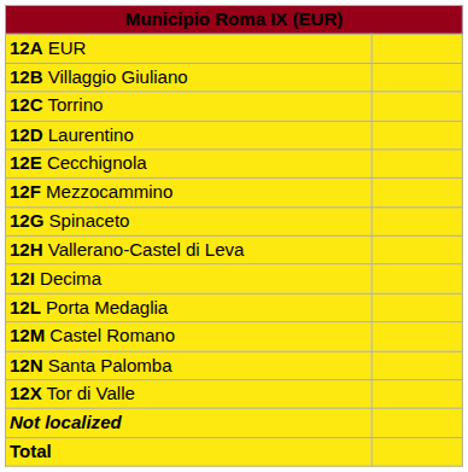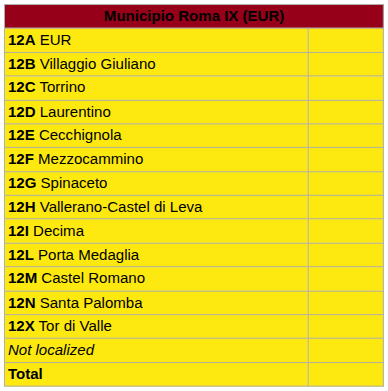 <table class="wikitable" width="32%" border=2>
 <tr>
 <td colspan="2" font size=2 align="center" bgcolor="#960018"><strong><span>Municipio Roma IX (EUR)</span></strong></td>
 </tr>
 <tr align="left" bgcolor="#FDE910">
 <td width="80%"><strong>12A</strong> EUR</td>
 <td width="20%" align="right"></td>
 </tr>
 <tr align="left" bgcolor="#FDE910">
 <td width="80%"><strong>12B</strong> Villaggio Giuliano</td>
 <td width="20%" align="right"></td>
 </tr>
 <tr align="left" bgcolor="#FDE910">
 <td width="80%"><strong>12C</strong> Torrino</td>
 <td width="20%" align="right"></td>
 </tr>
 <tr align="left" bgcolor="#FDE910">
 <td width="80%"><strong>12D</strong> Laurentino</td>
 <td width="20%" align="right"></td>
 </tr>
 <tr align="left" bgcolor="#FDE910">
 <td width="80%"><strong>12E</strong> Cecchignola</td>
 <td width="20%" align="right"></td>
 </tr>
 <tr align="left" bgcolor="#FDE910">
 <td width="80%"><strong>12F</strong> Mezzocammino</td>
 <td width="20%" align="right"></td>
 </tr>
 <tr align="left" bgcolor="#FDE910">
 <td width="80%"><strong>12G</strong> Spinaceto</td>
 <td width="20%" align="right"></td>
 </tr>
 <tr align="left" bgcolor="#FDE910">
 <td width="80%"><strong>12H</strong> Vallerano-Castel di Leva</td>
 <td width="20%" align="right"></td>
 </tr>
 <tr align="left" bgcolor="#FDE910">
 <td width="80%"><strong>12I</strong> Decima</td>
 <td width="20%" align="right"></td>
 </tr>
 <tr align="left" bgcolor="#FDE910">
 <td width="80%"><strong>12L</strong> Porta Medaglia</td>
 <td width="20%" align="right"></td>
 </tr>
 <tr align="left" bgcolor="#FDE910">
 <td width="80%"><strong>12M</strong> Castel Romano</td>
 <td width="20%" align="right"></td>
 </tr>
 <tr align="left" bgcolor="#FDE910">
 <td width="80%"><strong>12N</strong> Santa Palomba</td>
 <td width="20%" align="right"></td>
 </tr>
 <tr align="left" bgcolor="#FDE910">
 <td width="80%"><strong>12X</strong> Tor di Valle</td>
 <td width="20%" align="right"></td>
 </tr>
 <tr align="left" bgcolor="#FDE910">
-<td width="80%"><strong><em>Not localized</em></strong></td>
+<td width="80%"><em>Not localized</em></td>
 <td width="20%" align="right"></td>
 </tr>
 <tr align="left" bgcolor="#FDE910">
 <td width="80%"><strong>Total</strong></td>
 <td width="20%" align="right"></td>
 </tr>
 </table>
